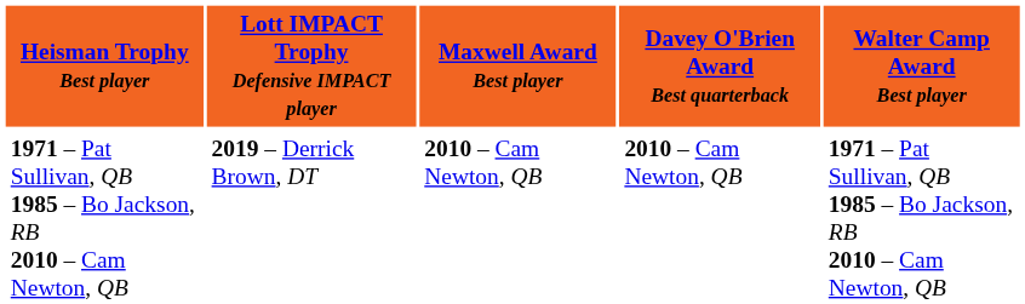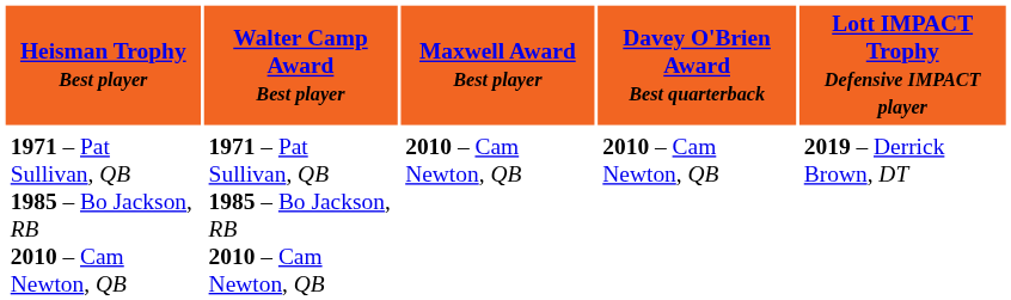 <table cellpadding="3" style="font-size:.9em">
 <tr>
 <th style="background:#F26522"><a href='#'>Heisman Trophy</a><br><small><em>Best player</em></small></th>
-<th style="background:#F26522"><a href='#'>Lott IMPACT Trophy</a><br><small><em>Defensive IMPACT player</em></small></th>
+<th style="background:#F26522"><a href='#'>Walter Camp Award</a><br><small><em>Best player</em></small></th>
 <th style="background:#F26522"><a href='#'>Maxwell Award</a><br><small><em>Best player</em></small></th>
 <th style="background:#F26522"><a href='#'>Davey O'Brien Award</a><br><small><em>Best quarterback</em></small></th>
-<th style="background:#F26522"><a href='#'>Walter Camp Award</a><br><small><em>Best player</em></small></th>
+<th style="background:#F26522"><a href='#'>Lott IMPACT Trophy</a><br><small><em>Defensive IMPACT player</em></small></th>
 </tr>
 <tr style="vertical-align:top;">
 <td><strong>1971</strong> – <a href='#'>Pat Sullivan</a>, <em>QB</em><br><strong>1985</strong> – <a href='#'>Bo Jackson</a>, <em>RB</em><br><strong>2010</strong> – <a href='#'>Cam Newton</a>, <em>QB</em></td>
-<td><strong>2019</strong> – <a href='#'>Derrick Brown</a>, <em>DT</em></td>
+<td><strong>1971</strong> – <a href='#'>Pat Sullivan</a>, <em>QB</em><br><strong>1985</strong> – <a href='#'>Bo Jackson</a>, <em>RB</em><br><strong>2010</strong> – <a href='#'>Cam Newton</a>, <em>QB</em></td>
 <td><strong>2010</strong> – <a href='#'>Cam Newton</a>, <em>QB</em></td>
 <td><strong>2010</strong> – <a href='#'>Cam Newton</a>, <em>QB</em></td>
-<td><strong>1971</strong> – <a href='#'>Pat Sullivan</a>, <em>QB</em><br><strong>1985</strong> – <a href='#'>Bo Jackson</a>, <em>RB</em><br><strong>2010</strong> – <a href='#'>Cam Newton</a>, <em>QB</em></td>
+<td><strong>2019</strong> – <a href='#'>Derrick Brown</a>, <em>DT</em></td>
 </tr>
 </table>
